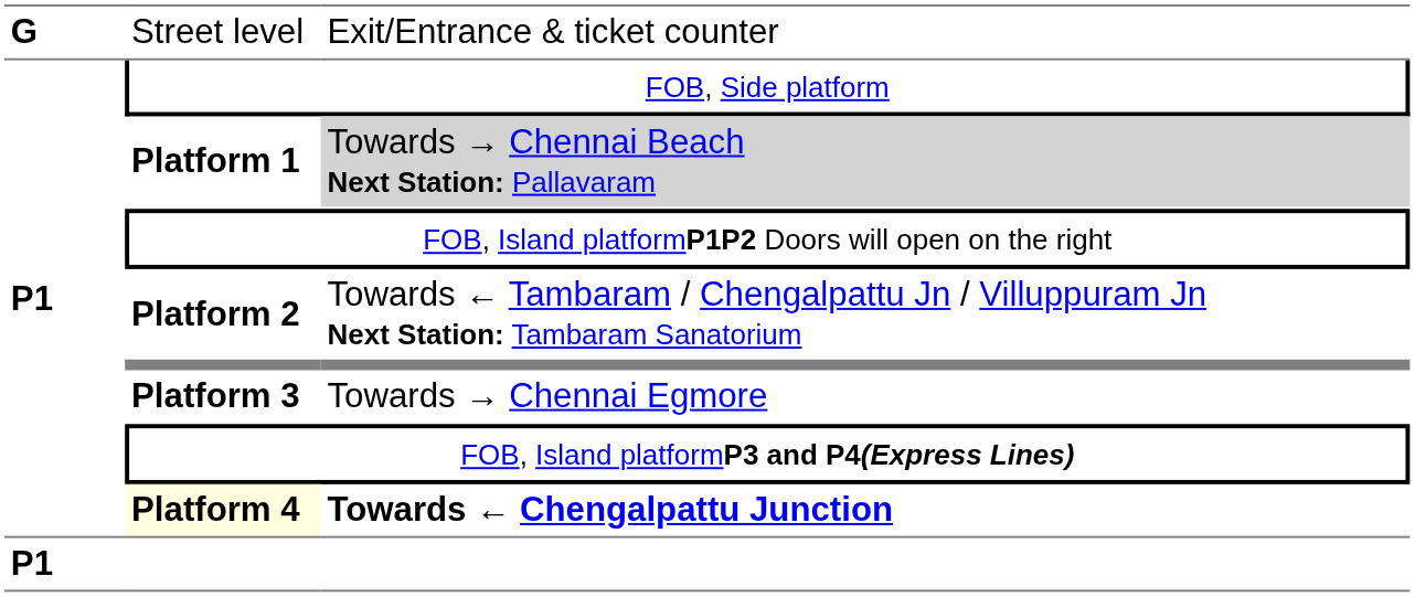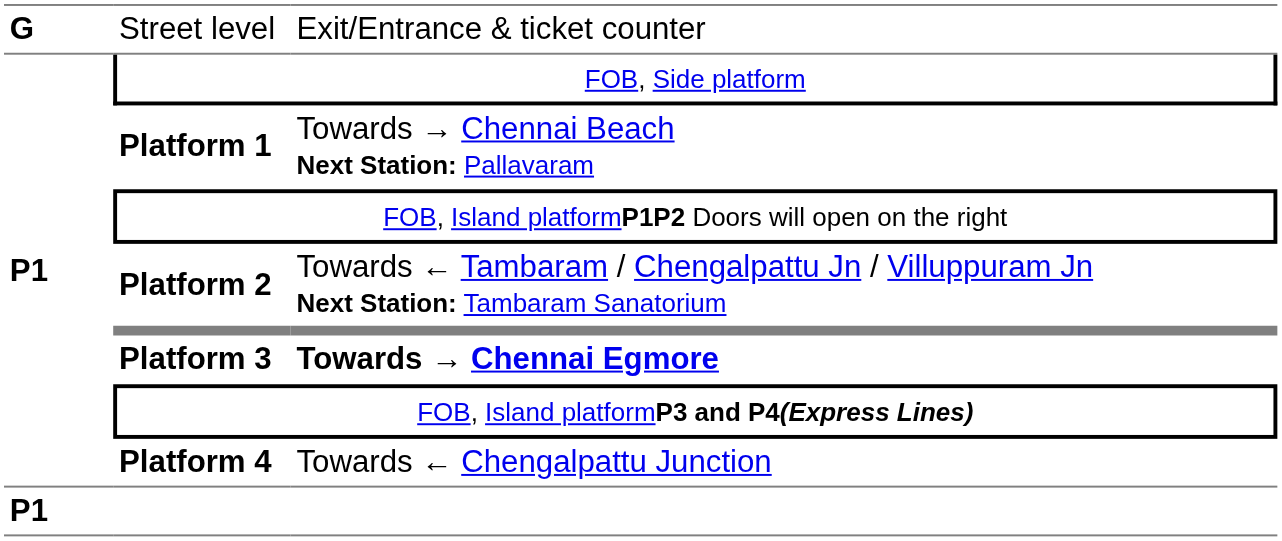 <table cellpadding="3" cellspacing="0" border="0">
 <tr>
 <td valign="top" width="30" style="border-top:solid 1px gray;border-bottom:solid 1px gray;"><strong>G</strong></td>
 <td valign="top" width="85" style="border-top:solid 1px gray;border-bottom:solid 1px gray;">Street level</td>
 <td valign="top" width="500" style="border-top:solid 1px gray;border-bottom:solid 1px gray;">Exit/Entrance & ticket counter</td>
 </tr>
 <tr>
 <td rowspan="7" style="border-bottom:solid 1px gray;" width="50" valign="center"><strong>P1</strong></td>
 <td colspan="2" style="border-right:solid 2px black;border-left:solid 2px black;border-bottom:solid 2px black;text-align:center;"><a href='#'><small>FOB</small></a><small>, <a href='#'>Side platform</a></small></td>
 </tr>
 <tr>
 <td width="85" style="border-bottom:solid 1px white;"><span><strong>Platform 1</strong></span></td>
-<td width="500" style="background: lightgrey; border-bottom:solid 1px white;">Towards → <a href='#'>Chennai Beach</a><br><small><strong>Next Station:</strong> <a href='#'>Pallavaram</a></small></td>
+<td width="500" style="border-bottom:solid 1px white;">Towards → <a href='#'>Chennai Beach</a><br><small><strong>Next Station:</strong> <a href='#'>Pallavaram</a></small></td>
 </tr>
 <tr>
 <td colspan="2" style="border-top:solid 2px black;border-right:solid 2px black;border-left:solid 2px black;border-bottom:solid 2px black;text-align:center;"><a href='#'><small>FOB</small></a><small>, <a href='#'>Island platform</a><strong>P1</strong><strong>P2</strong> Doors will open on the right</small></td>
 </tr>
 <tr>
 <td width="85" style="border-bottom:solid 5px gray;"><span><strong>Platform 2</strong></span></td>
 <td width="500" style="border-bottom:solid 5px gray;">Towards ← <a href='#'>Tambaram</a> / <a href='#'>Chengalpattu Jn</a> / <a href='#'>Villuppuram Jn</a><br><small><strong>Next Station:</strong> <a href='#'>Tambaram Sanatorium</a></small></td>
 </tr>
 <tr>
 <td width="85" style="border-bottom:solid 1px white;"><span><strong>Platform 3</strong></span></td>
-<td style="border-bottom:solid 1px white;" width="500">Towards → <a href='#'>Chennai Egmore</a></td>
+<td style="border-bottom:solid 1px white;" width="500"><strong>Towards → <a href='#'>Chennai Egmore</a></strong></td>
 </tr>
 <tr>
 <td colspan="2" style="border-top:solid 2px black;border-right:solid 2px black;border-left:solid 2px black;border-bottom:solid 2px black;text-align:center;"><a href='#'><small>FOB</small></a><small>, <a href='#'>Island platform</a><strong>P3 and P4</strong><strong><em>(Express Lines)</em></strong></small></td>
 </tr>
 <tr>
-<td width="85" style="background: lightyellow; border-bottom:solid 1px gray;"><span><strong>Platform 4</strong></span></td>
-<td style="border-bottom:solid 1px gray;" width="500"><strong>Towards ← <a href='#'>Chengalpattu Junction</a></strong></td>
+<td width="85" style="border-bottom:solid 1px gray;"><span><strong>Platform 4</strong></span></td>
+<td style="border-bottom:solid 1px gray;" width="500">Towards ← <a href='#'>Chengalpattu Junction</a></td>
 </tr>
 <tr>
 <td style="border-bottom:solid 1px gray;" width="50" valign="top"><strong>P1</strong></td>
 <td style="border-bottom:solid 1px gray;" width="50" valign="top"></td>
 <td style="border-bottom:solid 1px gray;" width="50" valign="top"></td>
 </tr>
 <tr>
 </tr>
 </table>
